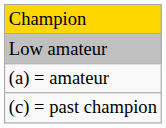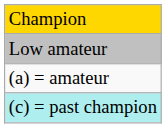 <table class="wikitable">
 <tr style="background:gold">
 <td>Champion</td>
 </tr>
 <tr style="background:silver">
 <td>Low amateur</td>
 </tr>
 <tr>
 <td>(a) = amateur</td>
 </tr>
 <tr>
-<td>(c) = past champion</td>
+<td style="background: paleturquoise;">(c) = past champion</td>
 </tr>
 </table>
